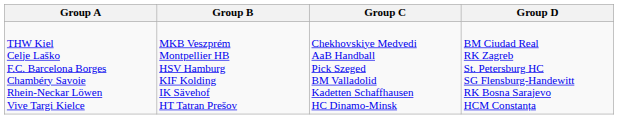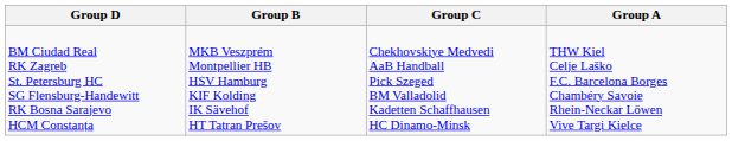 <table class="wikitable" width=100%>
 <tr>
-<th width=25%>Group A</th>
+<th width=25%>Group D</th>
 <th width=25%>Group B</th>
 <th width=25%>Group C</th>
-<th width=25%>Group D</th>
+<th width=25%>Group A</th>
 </tr>
 <tr>
-<td><br> <a href='#'>THW Kiel</a><br>  <a href='#'>Celje Laško</a><br>  <a href='#'>F.C. Barcelona Borges</a><br>  <a href='#'>Chambéry Savoie</a><br>  <a href='#'>Rhein-Neckar Löwen</a><br>  <a href='#'>Vive Targi Kielce</a></td>
+<td><br> <a href='#'>BM Ciudad Real</a><br>  <a href='#'>RK Zagreb</a><br>  <a href='#'>St. Petersburg HC</a><br>  <a href='#'>SG Flensburg-Handewitt</a><br>  <a href='#'>RK Bosna Sarajevo</a><br>  <a href='#'>HCM Constanța</a></td>
 <td><br> <a href='#'>MKB Veszprém</a><br>  <a href='#'>Montpellier HB</a><br>  <a href='#'>HSV Hamburg</a><br>  <a href='#'>KIF Kolding</a><br>  <a href='#'>IK Sävehof</a><br>  <a href='#'>HT Tatran Prešov</a></td>
 <td><br> <a href='#'>Chekhovskiye Medvedi</a><br>  <a href='#'>AaB Handball</a><br>  <a href='#'>Pick Szeged</a><br>  <a href='#'>BM Valladolid</a><br>  <a href='#'>Kadetten Schaffhausen</a><br>  <a href='#'>HC Dinamo-Minsk</a></td>
-<td><br> <a href='#'>BM Ciudad Real</a><br>  <a href='#'>RK Zagreb</a><br>  <a href='#'>St. Petersburg HC</a><br>  <a href='#'>SG Flensburg-Handewitt</a><br>  <a href='#'>RK Bosna Sarajevo</a><br>  <a href='#'>HCM Constanța</a></td>
+<td><br> <a href='#'>THW Kiel</a><br>  <a href='#'>Celje Laško</a><br>  <a href='#'>F.C. Barcelona Borges</a><br>  <a href='#'>Chambéry Savoie</a><br>  <a href='#'>Rhein-Neckar Löwen</a><br>  <a href='#'>Vive Targi Kielce</a></td>
 </tr>
 </table>
